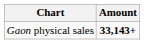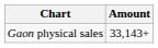 <table class="wikitable">
 <tr>
 <th>Chart</th>
 <th>Amount</th>
 </tr>
 <tr>
 <td><em>Gaon</em> physical sales</td>
-<td align="center"><strong>33,143+</strong></td>
+<td align="center">33,143+</td>
 </tr>
 </table>
